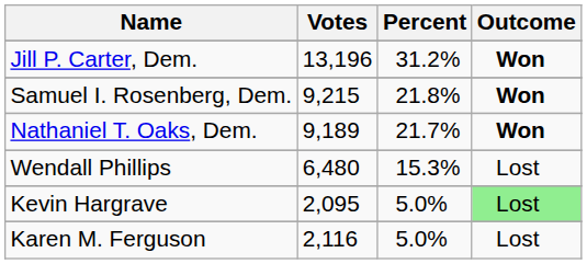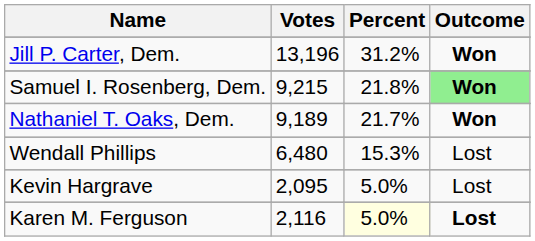 <table class="wikitable">
 <tr>
 <th>Name</th>
 <th>Votes</th>
 <th>Percent</th>
 <th>Outcome</th>
 </tr>
 <tr>
 </tr>
 <tr>
 <td><a href='#'>Jill P. Carter</a>, Dem.</td>
 <td>13,196</td>
 <td>  31.2%</td>
 <td>   <strong>Won</strong></td>
 </tr>
 <tr>
 </tr>
 <tr>
 <td>Samuel I. Rosenberg, Dem.</td>
 <td>9,215</td>
 <td>  21.8%</td>
-<td>   <strong>Won</strong></td>
+<td style="background: lightgreen;">   <strong>Won</strong></td>
 </tr>
 <tr>
 </tr>
 <tr>
 <td><a href='#'>Nathaniel T. Oaks</a>, Dem.</td>
 <td>9,189</td>
 <td>  21.7%</td>
 <td>   <strong>Won</strong></td>
 </tr>
 <tr>
 </tr>
 <tr>
 <td>Wendall Phillips</td>
 <td>6,480</td>
 <td>  15.3%</td>
 <td>   Lost</td>
 </tr>
 <tr>
 </tr>
 <tr>
 <td>Kevin Hargrave</td>
 <td>2,095</td>
 <td>  5.0%</td>
-<td style="background: lightgreen;">   Lost</td>
+<td>   Lost</td>
 </tr>
 <tr>
 </tr>
 <tr>
 <td>Karen M. Ferguson</td>
 <td>2,116</td>
-<td>  5.0%</td>
-<td>   Lost</td>
+<td style="background: lightyellow;">  5.0%</td>
+<td><strong>   Lost</strong></td>
 </tr>
 </table>
